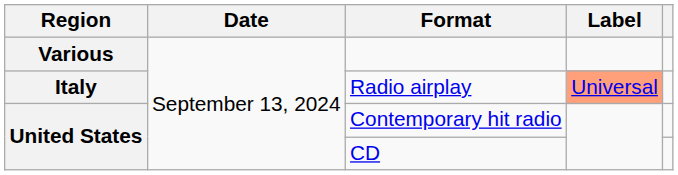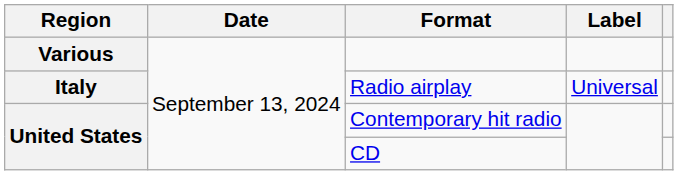 <table class="wikitable plainrowheaders">
 <tr>
 <th scope="col">Region</th>
 <th scope="col">Date</th>
 <th scope="col">Format</th>
 <th scope="col">Label</th>
 <th scope="col"></th>
 </tr>
 <tr>
 <th scope="row">Various</th>
 <td rowspan="4">September 13, 2024</td>
 <td></td>
 <td></td>
 <td style="text-align:center;"></td>
 </tr>
 <tr>
 <th scope="row">Italy</th>
 <td><a href='#'>Radio airplay</a></td>
-<td style="background: lightsalmon;"><a href='#'>Universal</a></td>
+<td><a href='#'>Universal</a></td>
 <td style="text-align:center;"></td>
 </tr>
 <tr>
 <th scope="row" rowspan="2">United States</th>
 <td><a href='#'>Contemporary hit radio</a></td>
 <td rowspan="2"></td>
 <td style="text-align:center"></td>
 </tr>
 <tr>
 <td><a href='#'>CD</a></td>
 <td style="text-align:center;"></td>
 </tr>
 </table>
